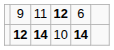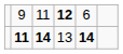 <table class="wikitable">
 <tr>
 <td></td>
 <td align=center style="width:1em">9</td>
 <td align=center style="width:1em">11</td>
 <td align=center style="width:1em"><strong>12</strong></td>
 <td align=center style="width:1em">6</td>
 <td align=center style="width:1em"></td>
 </tr>
 <tr>
 <td><strong></strong></td>
-<td align=center style="width:1em"><strong>12</strong></td>
+<td align=center style="width:1em"><strong>11</strong></td>
 <td align=center style="width:1em"><strong>14</strong></td>
-<td align=center style="width:1em">10</td>
+<td align=center style="width:1em">13</td>
 <td align=center style="width:1em"><strong>14</strong></td>
 <td align=center style="width:1em"></td>
 </tr>
 </table>
